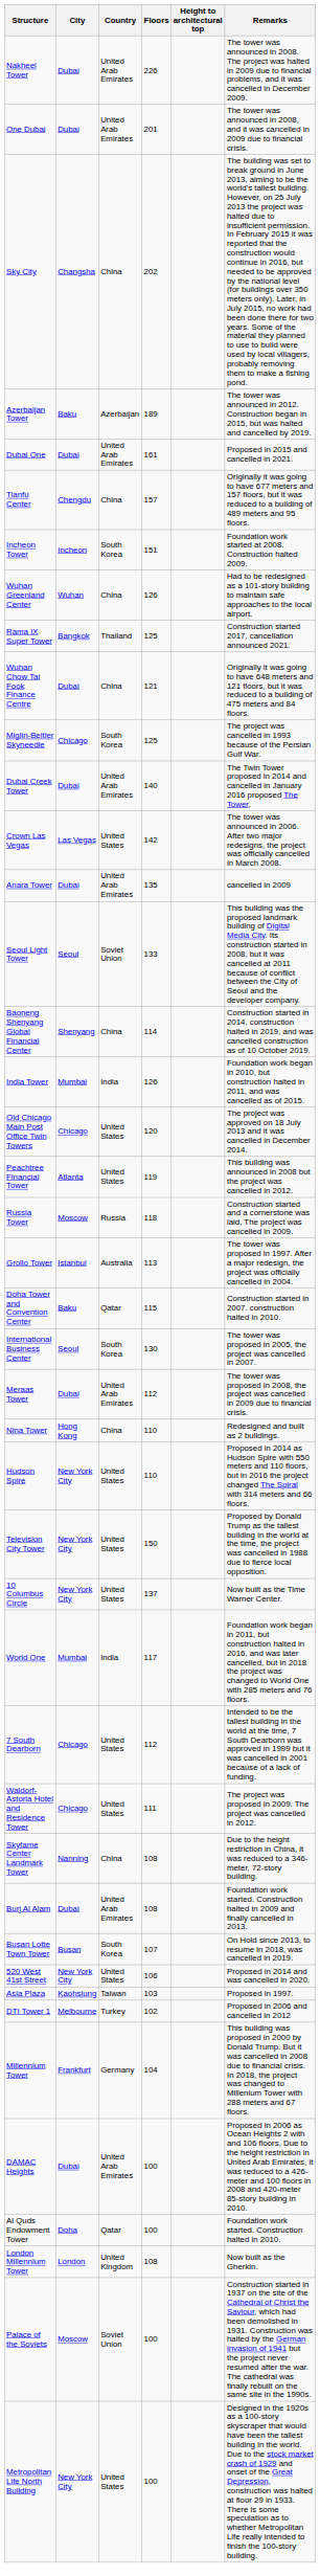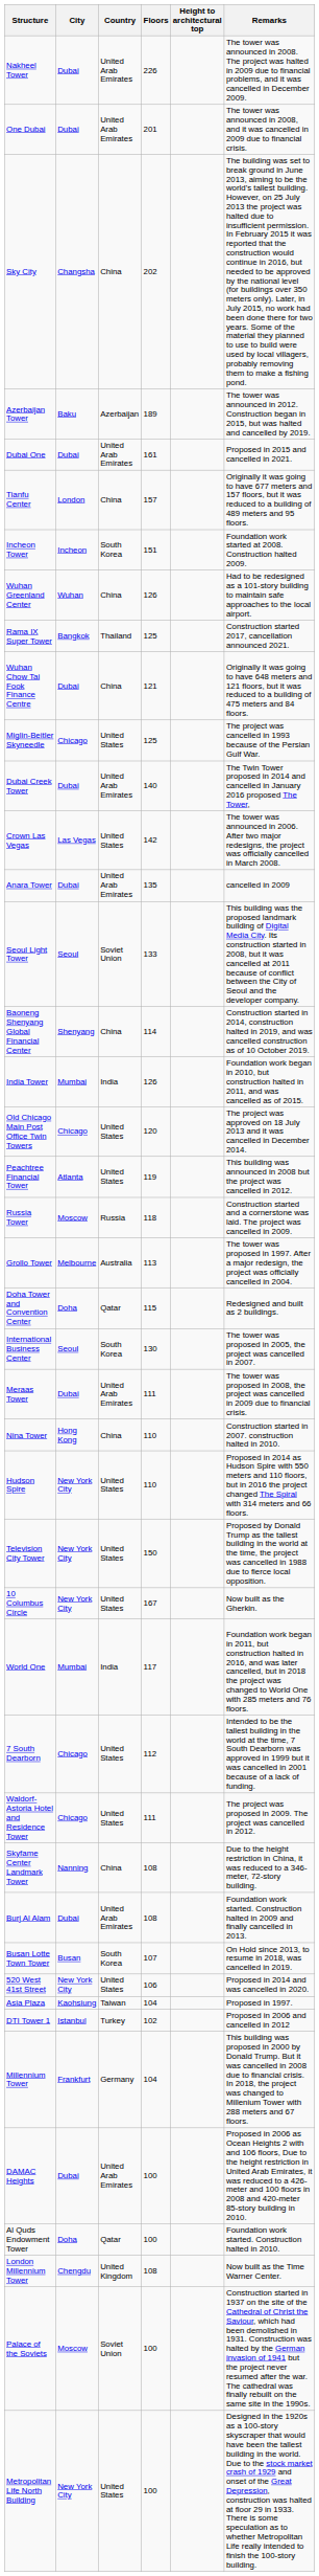 <table class="wikitable sortable">
 <tr>
 <th>Structure</th>
 <th>City</th>
 <th>Country</th>
 <th>Floors</th>
 <th>Height to architectural top</th>
 <th>Remarks</th>
 </tr>
 <tr>
 <td><a href='#'>Nakheel Tower</a></td>
 <td><a href='#'>Dubai</a></td>
 <td>United Arab Emirates</td>
 <td>226</td>
 <td></td>
 <td>The tower was announced in 2008. The project was halted in 2009 due to financial problems, and it was cancelled in December 2009.</td>
 </tr>
 <tr>
 <td><a href='#'>One Dubai</a></td>
 <td><a href='#'>Dubai</a></td>
 <td>United Arab Emirates</td>
 <td>201</td>
 <td></td>
 <td>The tower was announced in 2008, and it was cancelled in 2009 due to financial crisis.</td>
 </tr>
 <tr>
 <td><a href='#'>Sky City</a></td>
 <td><a href='#'>Changsha</a></td>
 <td>China</td>
 <td>202</td>
 <td></td>
 <td>The building was set to break ground in June 2013, aiming to be the world's tallest building. However, on 25 July 2013 the project was halted due to insufficient permission. In February 2015 it was reported that the construction would continue in 2016, but needed to be approved by the national level (for buildings over 350 meters only).  Later, in July 2015, no work had been done there for two years.  Some of the material they planned to use to build were used by local villagers, probably removing them to make a fishing pond.</td>
 </tr>
 <tr>
 <td><a href='#'>Azerbaijan Tower</a></td>
 <td><a href='#'>Baku</a></td>
 <td>Azerbaijan</td>
 <td>189</td>
 <td></td>
 <td>The tower was announced in 2012. Construction began in 2015, but was halted and cancelled by 2019.</td>
 </tr>
 <tr>
 <td><a href='#'>Dubai One</a></td>
 <td><a href='#'>Dubai</a></td>
 <td>United Arab Emirates</td>
 <td>161</td>
 <td></td>
 <td>Proposed in 2015 and cancelled in 2021.</td>
 </tr>
 <tr>
 <td><a href='#'>Tianfu Center</a></td>
-<td><a href='#'>Chengdu</a></td>
+<td><a href='#'>London</a></td>
 <td>China</td>
 <td>157</td>
 <td></td>
 <td>Originally it was going to have 677 meters and 157 floors, but it was reduced to a building of 489 meters and 95 floors.</td>
 </tr>
 <tr>
 <td><a href='#'>Incheon Tower</a></td>
 <td><a href='#'>Incheon</a></td>
 <td>South Korea</td>
 <td>151</td>
 <td></td>
 <td>Foundation work started at 2008. Construction halted 2009.<br></td>
 </tr>
 <tr>
 <td><a href='#'>Wuhan Greenland Center</a></td>
 <td><a href='#'>Wuhan</a></td>
 <td>China</td>
 <td>126</td>
 <td></td>
 <td>Had to be redesigned as a 101-story building to maintain safe approaches to the local airport.</td>
 </tr>
 <tr>
 <td><a href='#'>Rama IX Super Tower</a></td>
 <td><a href='#'>Bangkok</a></td>
 <td>Thailand</td>
 <td>125</td>
 <td></td>
 <td>Construction started 2017, cancellation announced 2021.</td>
 </tr>
 <tr>
 <td><a href='#'>Wuhan Chow Tai Fook Finance Centre</a></td>
 <td><a href='#'>Dubai</a></td>
 <td>China</td>
 <td>121</td>
 <td></td>
 <td><br>Originally it was going to have 648 meters and 121 floors, but it was reduced to a building of 475 meters and 84 floors.</td>
 </tr>
 <tr>
 <td><a href='#'>Miglin-Beitler Skyneedle</a></td>
 <td><a href='#'>Chicago</a></td>
-<td>South Korea</td>
+<td>United States</td>
 <td>125</td>
 <td></td>
 <td>The project was cancelled in 1993 because of the Persian Gulf War.</td>
 </tr>
 <tr>
 <td><a href='#'>Dubai Creek Tower</a></td>
 <td><a href='#'>Dubai</a></td>
 <td>United Arab Emirates</td>
 <td>140</td>
 <td></td>
 <td>The Twin Tower proposed in 2014 and cancelled in January 2016 proposed <a href='#'>The Tower</a>,</td>
 </tr>
 <tr>
 <td><a href='#'>Crown Las Vegas</a></td>
 <td><a href='#'>Las Vegas</a></td>
 <td>United States</td>
 <td>142</td>
 <td></td>
 <td>The tower was announced in 2006. After two major redesigns, the project was officially cancelled in March 2008.</td>
 </tr>
 <tr>
 <td><a href='#'>Anara Tower</a></td>
 <td><a href='#'>Dubai</a></td>
 <td>United Arab Emirates</td>
 <td>135</td>
 <td></td>
 <td>cancelled in 2009</td>
 </tr>
 <tr>
 <td><a href='#'>Seoul Light Tower</a></td>
 <td><a href='#'>Seoul</a></td>
 <td>Soviet Union</td>
 <td>133</td>
 <td></td>
 <td>This building was the proposed landmark building of <a href='#'>Digital Media City</a>.  Its construction started in 2008, but it was cancelled at 2011 because of conflict between the City of Seoul and the developer company.</td>
 </tr>
 <tr>
 <td><a href='#'>Baoneng Shenyang Global Financial Center</a></td>
 <td><a href='#'>Shenyang</a></td>
 <td>China</td>
 <td>114</td>
 <td></td>
 <td>Construction started in 2014, construction halted in 2019, and was cancelled construction as of 10 October 2019.</td>
 </tr>
 <tr>
 <td><a href='#'>India Tower</a></td>
 <td><a href='#'>Mumbai</a></td>
 <td>India</td>
 <td>126</td>
 <td></td>
 <td>Foundation work began in 2010, but construction halted in 2011, and was cancelled as of 2015.</td>
 </tr>
 <tr>
 <td><a href='#'>Old Chicago Main Post Office Twin Towers</a></td>
 <td><a href='#'>Chicago</a></td>
 <td>United States</td>
 <td>120</td>
 <td></td>
 <td>The project was approved on 18 July 2013 and it was cancelled in December 2014.</td>
 </tr>
 <tr>
 <td><a href='#'>Peachtree Financial Tower</a></td>
 <td><a href='#'>Atlanta</a></td>
 <td>United States</td>
 <td>119</td>
 <td></td>
 <td>This building was announced in 2008 but the project was cancelled in 2012.</td>
 </tr>
 <tr>
 <td><a href='#'>Russia Tower</a></td>
 <td><a href='#'>Moscow</a></td>
 <td>Russia</td>
 <td>118</td>
 <td></td>
 <td>Construction started and a cornerstone was laid.  The project was cancelled in 2009.</td>
 </tr>
 <tr>
 <td><a href='#'>Grollo Tower</a></td>
-<td><a href='#'>Istanbul</a></td>
+<td><a href='#'>Melbourne</a></td>
 <td>Australia</td>
 <td>113</td>
 <td></td>
 <td>The tower was proposed in 1997. After a major redesign, the project was officially cancelled in 2004.</td>
 </tr>
 <tr>
 <td><a href='#'>Doha Tower and Convention Center</a></td>
-<td><a href='#'>Baku</a></td>
+<td><a href='#'>Doha</a></td>
 <td>Qatar</td>
 <td>115</td>
 <td></td>
-<td>Construction started in 2007. construction halted in 2010.</td>
+<td>Redesigned and built as 2 buildings.</td>
 </tr>
 <tr>
 <td><a href='#'>International Business Center</a></td>
 <td><a href='#'>Seoul</a></td>
 <td>South Korea</td>
 <td>130</td>
 <td></td>
 <td>The tower was proposed in 2005, the project was cancelled in 2007.</td>
 </tr>
 <tr>
 <td><a href='#'>Meraas Tower</a></td>
 <td><a href='#'>Dubai</a></td>
 <td>United Arab Emirates</td>
-<td>112</td>
+<td>111</td>
 <td></td>
 <td>The tower was proposed in 2008, the project was cancelled in 2009 due to financial crisis.</td>
 </tr>
 <tr>
 <td><a href='#'>Nina Tower</a></td>
 <td><a href='#'>Hong Kong</a></td>
 <td>China</td>
 <td>110</td>
 <td></td>
-<td>Redesigned and built as 2 buildings.</td>
+<td>Construction started in 2007. construction halted in 2010.</td>
 </tr>
 <tr>
 <td><a href='#'>Hudson Spire</a></td>
 <td><a href='#'>New York City</a></td>
 <td>United States</td>
 <td>110</td>
 <td></td>
 <td>Proposed in 2014 as Hudson Spire with 550 meters and 110 floors, but in 2016 the project changed <a href='#'>The Spiral</a> with 314 meters and 66 floors.</td>
 </tr>
 <tr>
 <td><a href='#'>Television City Tower</a></td>
 <td><a href='#'>New York City</a></td>
 <td>United States</td>
 <td>150</td>
 <td></td>
 <td>Proposed by Donald Trump as the tallest building in the world at the time, the project was cancelled in 1988 due to fierce local opposition.</td>
 </tr>
 <tr>
 <td><a href='#'>10 Columbus Circle</a></td>
 <td><a href='#'>New York City</a></td>
 <td>United States</td>
-<td>137</td>
+<td>167</td>
 <td></td>
-<td>Now built as the Time Warner Center.</td>
+<td>Now built as the Gherkin.</td>
 </tr>
 <tr>
 <td><a href='#'>World One</a></td>
 <td><a href='#'>Mumbai</a></td>
 <td>India</td>
 <td>117</td>
 <td></td>
 <td><br>Foundation work began in 2011, but construction halted in 2016, and was later cancelled, but in 2018 the project was changed to World One with 285 meters and 76 floors.</td>
 </tr>
 <tr>
 <td><a href='#'>7 South Dearborn</a></td>
 <td><a href='#'>Chicago</a></td>
 <td>United States</td>
 <td>112</td>
 <td></td>
 <td>Intended to be the tallest building in the world at the time, 7 South Dearborn was approved in 1999 but it was cancelled in 2001 because of a lack of funding.</td>
 </tr>
 <tr>
 <td><a href='#'>Waldorf-Astoria Hotel and Residence Tower</a></td>
 <td><a href='#'>Chicago</a></td>
 <td>United States</td>
 <td>111</td>
 <td></td>
 <td>The project was proposed in 2009. The project was cancelled in 2012.</td>
 </tr>
 <tr>
 <td><a href='#'>Skyfame Center Landmark Tower</a></td>
 <td><a href='#'>Nanning</a></td>
 <td>China</td>
 <td>108</td>
 <td></td>
 <td>Due to the height restriction in China, it was reduced to a 346-meter, 72-story building.</td>
 </tr>
 <tr>
 <td><a href='#'>Burj Al Alam</a></td>
 <td><a href='#'>Dubai</a></td>
 <td>United Arab Emirates</td>
 <td>108</td>
 <td></td>
 <td>Foundation work started. Construction halted in 2009 and finally cancelled in 2013.</td>
 </tr>
 <tr>
 <td><a href='#'>Busan Lotte Town Tower</a></td>
 <td><a href='#'>Busan</a></td>
 <td>South Korea</td>
 <td>107</td>
 <td></td>
 <td>On Hold since 2013, to resume in 2018, was cancelled in 2019.</td>
 </tr>
 <tr>
 <td><a href='#'>520 West 41st Street</a></td>
 <td><a href='#'>New York City</a></td>
 <td>United States</td>
 <td>106</td>
 <td></td>
 <td>Proposed in 2014 and was cancelled in 2020.</td>
 </tr>
 <tr>
 <td><a href='#'>Asia Plaza</a></td>
 <td><a href='#'>Kaohsiung</a></td>
 <td>Taiwan</td>
-<td>103</td>
+<td>104</td>
 <td></td>
 <td>Proposed in 1997.</td>
 </tr>
 <tr>
 <td><a href='#'>DTI Tower 1</a></td>
-<td><a href='#'>Melbourne</a></td>
+<td><a href='#'>Istanbul</a></td>
 <td>Turkey</td>
 <td>102</td>
 <td></td>
 <td>Proposed in 2006 and cancelled in 2012</td>
 </tr>
 <tr>
 <td><a href='#'>Millennium Tower</a></td>
 <td><a href='#'>Frankfurt</a></td>
 <td>Germany</td>
 <td>104</td>
 <td></td>
 <td>This building was proposed in 2000 by Donald Trump. But it was cancelled in 2008 due to financial crisis. In 2018, the project was changed to Millenium Tower with 288 meters and 67 floors.</td>
 </tr>
 <tr>
 <td><a href='#'>DAMAC Heights</a></td>
 <td><a href='#'>Dubai</a></td>
 <td>United Arab Emirates</td>
 <td>100</td>
 <td></td>
 <td>Proposed in 2006 as Ocean Heights 2 with  and 106 floors, Due to the height restriction in United Arab Emirates, it was reduced to a 426-meter and 100 floors in 2008 and 420-meter 85-story building in 2010.</td>
 </tr>
 <tr>
 <td>Al Quds Endowment Tower</td>
 <td><a href='#'>Doha</a></td>
 <td>Qatar</td>
 <td>100</td>
 <td></td>
 <td>Foundation work started. Construction halted in 2010.</td>
 </tr>
 <tr>
 <td><a href='#'>London Millennium Tower</a></td>
-<td><a href='#'>London</a></td>
+<td><a href='#'>Chengdu</a></td>
 <td>United Kingdom</td>
 <td>108</td>
 <td></td>
-<td>Now built as the Gherkin.</td>
+<td>Now built as the Time Warner Center.</td>
 </tr>
 <tr>
 <td><a href='#'>Palace of the Soviets</a></td>
 <td><a href='#'>Moscow</a></td>
 <td>Soviet Union</td>
 <td>100</td>
 <td></td>
 <td>Construction started in 1937 on the site of the <a href='#'>Cathedral of Christ the Saviour</a>, which had been demolished in 1931.  Construction was halted by the <a href='#'>German invasion of 1941</a> but the project never resumed after the war. The cathedral was finally rebuilt on the same site in the 1990s.</td>
 </tr>
 <tr>
 <td><a href='#'>Metropolitan Life North Building</a></td>
 <td><a href='#'>New York City</a></td>
 <td>United States</td>
 <td>100</td>
 <td></td>
 <td>Designed in the 1920s as a 100-story skyscraper that would have been the tallest building in the world. Due to the <a href='#'>stock market crash of 1929</a> and onset of the <a href='#'>Great Depression</a>, construction was halted at floor 29 in 1933. There is some speculation as to whether Metropolitan Life really intended to finish the 100-story building.</td>
 </tr>
 </table>
